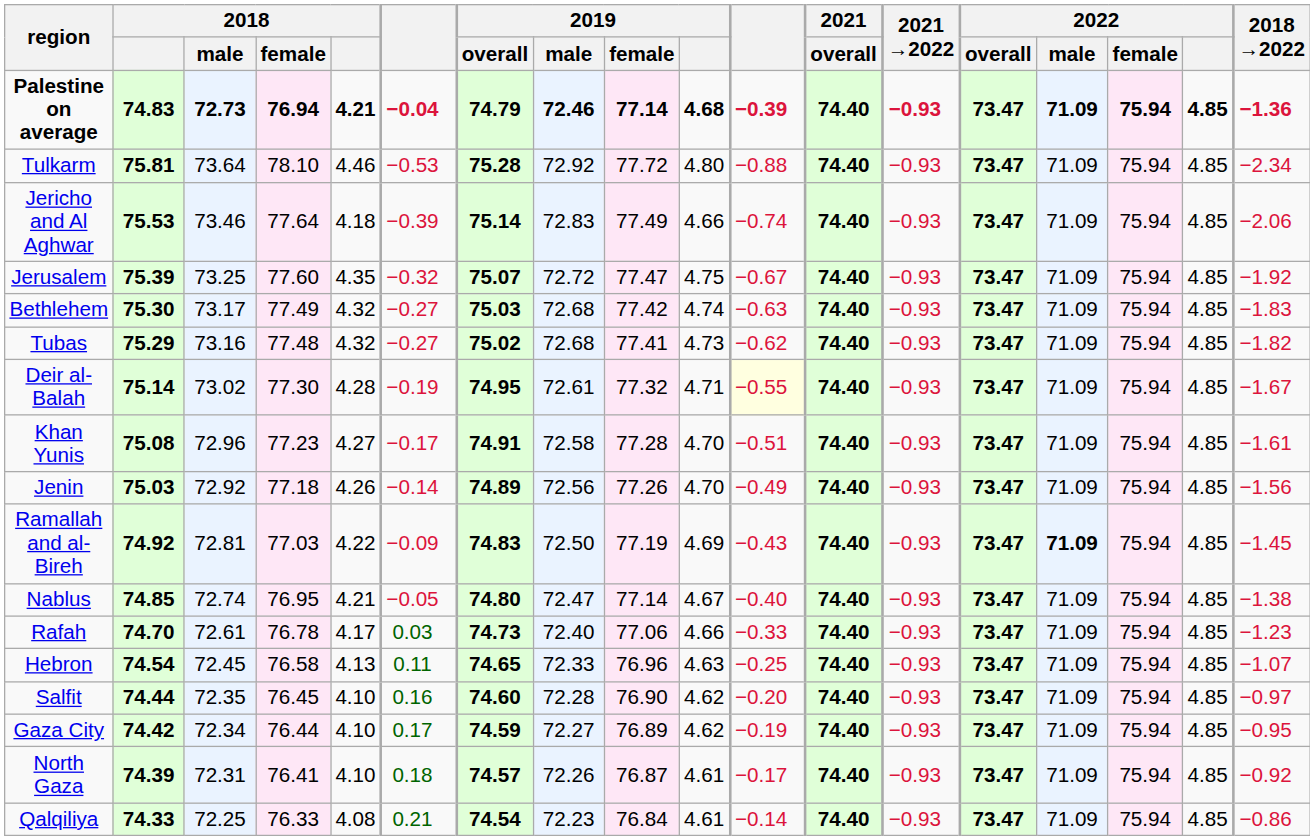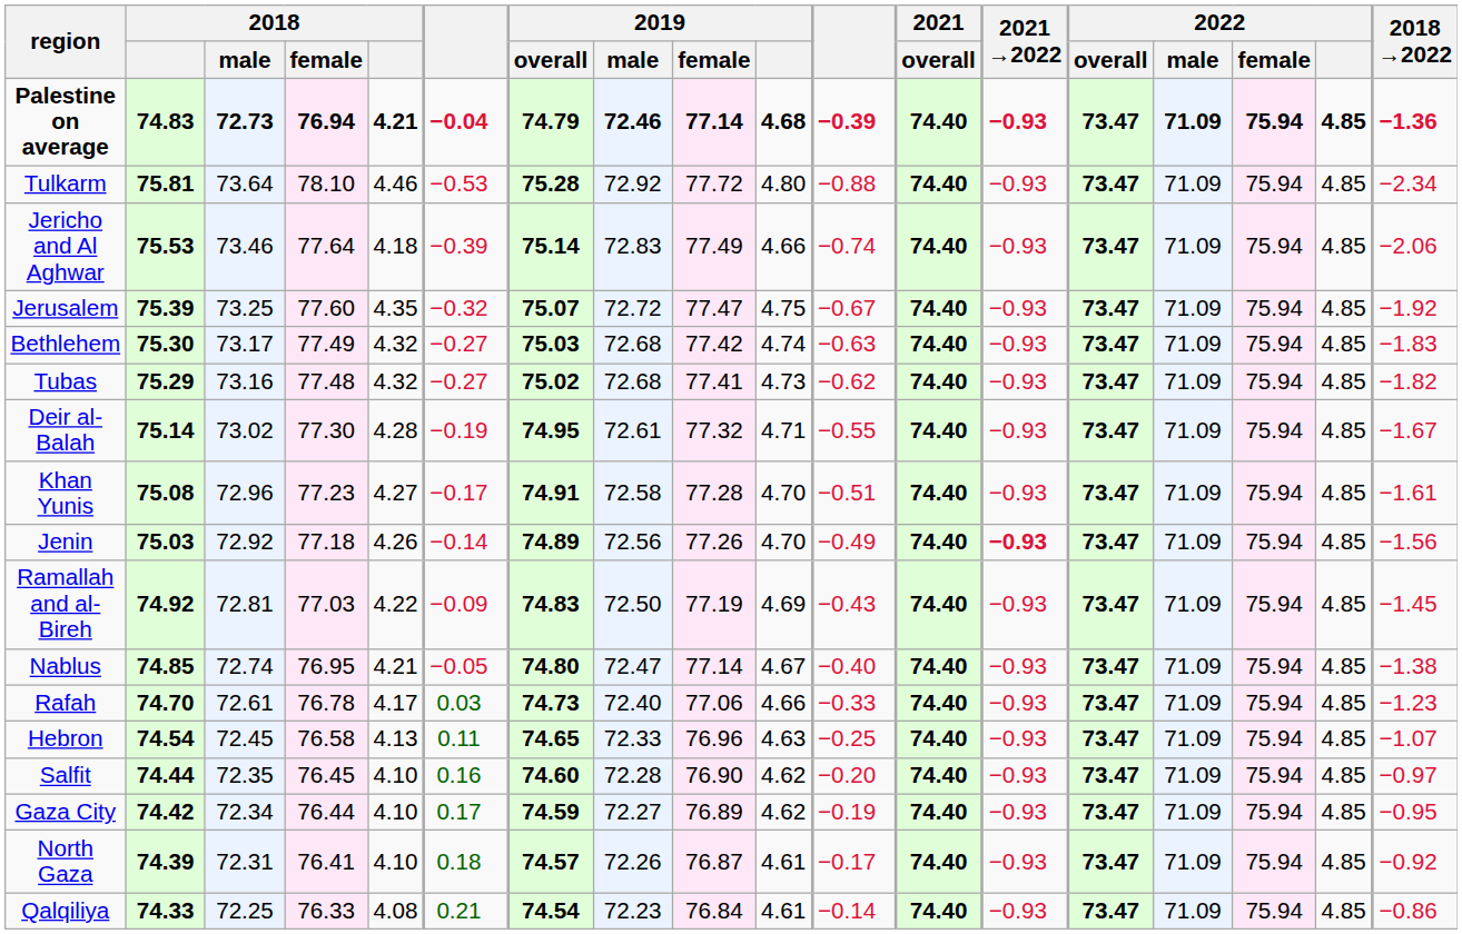 <table class="wikitable sortable mw-datatable static-row-numbers sort-under col1left col6right col11right col13right col18right" style="text-align:center;">
 <tr>
 <th rowspan=2 style="vertical-align:middle;">region</th>
 <th colspan=4>2018</th>
 <th rowspan=2 style="vertical-align:middle;border-left-width:2px;"></th>
 <th colspan=4 style="border-left-width:2px;">2019</th>
 <th rowspan=2 style="vertical-align:middle;border-left-width:2px;"></th>
 <th style="border-left-width:2px;">2021</th>
 <th rowspan=2 style="vertical-align:middle;border-left-width:2px;">2021<br>→2022</th>
 <th colspan=4 style="border-left-width:2px;">2022</th>
 <th rowspan=2 style="vertical-align:middle;border-left-width:2px;">2018<br>→2022</th>
 </tr>
 <tr>
 <th style="vertical-align:middle;min-width:3em;"></th>
 <th style="vertical-align:middle;min-width:3em;">male</th>
 <th style="vertical-align:middle;min-width:3em;">female</th>
 <th></th>
 <th style="vertical-align:middle;min-width:3em;border-left-width:2px;">overall</th>
 <th style="vertical-align:middle;min-width:3em;">male</th>
 <th style="vertical-align:middle;min-width:3em;">female</th>
 <th></th>
 <th style="vertical-align:middle;min-width:3em;border-left-width:2px;">overall</th>
 <th style="vertical-align:middle;min-width:3em;border-left-width:2px;">overall</th>
 <th style="vertical-align:middle;min-width:3em;">male</th>
 <th style="vertical-align:middle;min-width:3em;">female</th>
 <th></th>
 </tr>
 <tr class=static-row-header>
 <td><strong>Palestine on average</strong></td>
 <td style="background:#e0ffd8;"><strong>74.83</strong></td>
 <td style="background:#eaf3ff;"><strong>72.73</strong></td>
 <td style="background:#fee7f6;"><strong>76.94</strong></td>
 <td><strong>4.21</strong></td>
 <td style="padding-right:1.5ex;color:crimson;border-left-width:2px;"><strong>−0.04</strong></td>
 <td style="background:#e0ffd8;border-left-width:2px;"><strong>74.79</strong></td>
 <td style="background:#eaf3ff;"><strong>72.46</strong></td>
 <td style="background:#fee7f6;"><strong>77.14</strong></td>
 <td><strong>4.68</strong></td>
 <td style="padding-right:1.5ex;color:crimson;border-left-width:2px;"><strong>−0.39</strong></td>
 <td style="background:#e0ffd8;border-left-width:2px;"><strong>74.40</strong></td>
 <td style="padding-right:1.5ex;color:crimson;border-left-width:2px;"><strong>−0.93</strong></td>
 <td style="background:#e0ffd8;border-left-width:2px;"><strong>73.47</strong></td>
 <td style="background:#eaf3ff;"><strong>71.09</strong></td>
 <td style="background:#fee7f6;"><strong>75.94</strong></td>
 <td><strong>4.85</strong></td>
 <td style="padding-right:1.5ex;color:crimson;border-left-width:2px;"><strong>−1.36</strong></td>
 </tr>
 <tr>
 <td><a href='#'>Tulkarm</a></td>
 <td style="background:#e0ffd8;"><strong>75.81</strong></td>
 <td style="background:#eaf3ff;">73.64</td>
 <td style="background:#fee7f6;">78.10</td>
 <td>4.46</td>
 <td style="padding-right:1.5ex;color:crimson;border-left-width:2px;">−0.53</td>
 <td style="background:#e0ffd8;border-left-width:2px;"><strong>75.28</strong></td>
 <td style="background:#eaf3ff;">72.92</td>
 <td style="background:#fee7f6;">77.72</td>
 <td>4.80</td>
 <td style="padding-right:1.5ex;color:crimson;border-left-width:2px;">−0.88</td>
 <td style="background:#e0ffd8;border-left-width:2px;"><strong>74.40</strong></td>
 <td style="padding-right:1.5ex;color:crimson;border-left-width:2px;">−0.93</td>
 <td style="background:#e0ffd8;border-left-width:2px;"><strong>73.47</strong></td>
 <td style="background:#eaf3ff;">71.09</td>
 <td style="background:#fee7f6;">75.94</td>
 <td>4.85</td>
 <td style="padding-right:1.5ex;color:crimson;border-left-width:2px;">−2.34</td>
 </tr>
 <tr>
 <td><a href='#'>Jericho and Al Aghwar</a></td>
 <td style="background:#e0ffd8;"><strong>75.53</strong></td>
 <td style="background:#eaf3ff;">73.46</td>
 <td style="background:#fee7f6;">77.64</td>
 <td>4.18</td>
 <td style="padding-right:1.5ex;color:crimson;border-left-width:2px;">−0.39</td>
 <td style="background:#e0ffd8;border-left-width:2px;"><strong>75.14</strong></td>
 <td style="background:#eaf3ff;">72.83</td>
 <td style="background:#fee7f6;">77.49</td>
 <td>4.66</td>
 <td style="padding-right:1.5ex;color:crimson;border-left-width:2px;">−0.74</td>
 <td style="background:#e0ffd8;border-left-width:2px;"><strong>74.40</strong></td>
 <td style="padding-right:1.5ex;color:crimson;border-left-width:2px;">−0.93</td>
 <td style="background:#e0ffd8;border-left-width:2px;"><strong>73.47</strong></td>
 <td style="background:#eaf3ff;">71.09</td>
 <td style="background:#fee7f6;">75.94</td>
 <td>4.85</td>
 <td style="padding-right:1.5ex;color:crimson;border-left-width:2px;">−2.06</td>
 </tr>
 <tr>
 <td><a href='#'>Jerusalem</a></td>
 <td style="background:#e0ffd8;"><strong>75.39</strong></td>
 <td style="background:#eaf3ff;">73.25</td>
 <td style="background:#fee7f6;">77.60</td>
 <td>4.35</td>
 <td style="padding-right:1.5ex;color:crimson;border-left-width:2px;">−0.32</td>
 <td style="background:#e0ffd8;border-left-width:2px;"><strong>75.07</strong></td>
 <td style="background:#eaf3ff;">72.72</td>
 <td style="background:#fee7f6;">77.47</td>
 <td>4.75</td>
 <td style="padding-right:1.5ex;color:crimson;border-left-width:2px;">−0.67</td>
 <td style="background:#e0ffd8;border-left-width:2px;"><strong>74.40</strong></td>
 <td style="padding-right:1.5ex;color:crimson;border-left-width:2px;">−0.93</td>
 <td style="background:#e0ffd8;border-left-width:2px;"><strong>73.47</strong></td>
 <td style="background:#eaf3ff;">71.09</td>
 <td style="background:#fee7f6;">75.94</td>
 <td>4.85</td>
 <td style="padding-right:1.5ex;color:crimson;border-left-width:2px;">−1.92</td>
 </tr>
 <tr>
 <td><a href='#'>Bethlehem</a></td>
 <td style="background:#e0ffd8;"><strong>75.30</strong></td>
 <td style="background:#eaf3ff;">73.17</td>
 <td style="background:#fee7f6;">77.49</td>
 <td>4.32</td>
 <td style="padding-right:1.5ex;color:crimson;border-left-width:2px;">−0.27</td>
 <td style="background:#e0ffd8;border-left-width:2px;"><strong>75.03</strong></td>
 <td style="background:#eaf3ff;">72.68</td>
 <td style="background:#fee7f6;">77.42</td>
 <td>4.74</td>
 <td style="padding-right:1.5ex;color:crimson;border-left-width:2px;">−0.63</td>
 <td style="background:#e0ffd8;border-left-width:2px;"><strong>74.40</strong></td>
 <td style="padding-right:1.5ex;color:crimson;border-left-width:2px;">−0.93</td>
 <td style="background:#e0ffd8;border-left-width:2px;"><strong>73.47</strong></td>
 <td style="background:#eaf3ff;">71.09</td>
 <td style="background:#fee7f6;">75.94</td>
 <td>4.85</td>
 <td style="padding-right:1.5ex;color:crimson;border-left-width:2px;">−1.83</td>
 </tr>
 <tr>
 <td><a href='#'>Tubas</a></td>
 <td style="background:#e0ffd8;"><strong>75.29</strong></td>
 <td style="background:#eaf3ff;">73.16</td>
 <td style="background:#fee7f6;">77.48</td>
 <td>4.32</td>
 <td style="padding-right:1.5ex;color:crimson;border-left-width:2px;">−0.27</td>
 <td style="background:#e0ffd8;border-left-width:2px;"><strong>75.02</strong></td>
 <td style="background:#eaf3ff;">72.68</td>
 <td style="background:#fee7f6;">77.41</td>
 <td>4.73</td>
 <td style="padding-right:1.5ex;color:crimson;border-left-width:2px;">−0.62</td>
 <td style="background:#e0ffd8;border-left-width:2px;"><strong>74.40</strong></td>
 <td style="padding-right:1.5ex;color:crimson;border-left-width:2px;">−0.93</td>
 <td style="background:#e0ffd8;border-left-width:2px;"><strong>73.47</strong></td>
 <td style="background:#eaf3ff;">71.09</td>
 <td style="background:#fee7f6;">75.94</td>
 <td>4.85</td>
 <td style="padding-right:1.5ex;color:crimson;border-left-width:2px;">−1.82</td>
 </tr>
 <tr>
 <td><a href='#'>Deir al-Balah</a></td>
 <td style="background:#e0ffd8;"><strong>75.14</strong></td>
 <td style="background:#eaf3ff;">73.02</td>
 <td style="background:#fee7f6;">77.30</td>
 <td>4.28</td>
 <td style="padding-right:1.5ex;color:crimson;border-left-width:2px;">−0.19</td>
 <td style="background:#e0ffd8;border-left-width:2px;"><strong>74.95</strong></td>
 <td style="background:#eaf3ff;">72.61</td>
 <td style="background:#fee7f6;">77.32</td>
 <td>4.71</td>
-<td style="background: lightyellow; padding-right:1.5ex;color:crimson;border-left-width:2px;">−0.55</td>
+<td style="padding-right:1.5ex;color:crimson;border-left-width:2px;">−0.55</td>
 <td style="background:#e0ffd8;border-left-width:2px;"><strong>74.40</strong></td>
 <td style="padding-right:1.5ex;color:crimson;border-left-width:2px;">−0.93</td>
 <td style="background:#e0ffd8;border-left-width:2px;"><strong>73.47</strong></td>
 <td style="background:#eaf3ff;">71.09</td>
 <td style="background:#fee7f6;">75.94</td>
 <td>4.85</td>
 <td style="padding-right:1.5ex;color:crimson;border-left-width:2px;">−1.67</td>
 </tr>
 <tr>
 <td><a href='#'>Khan Yunis</a></td>
 <td style="background:#e0ffd8;"><strong>75.08</strong></td>
 <td style="background:#eaf3ff;">72.96</td>
 <td style="background:#fee7f6;">77.23</td>
 <td>4.27</td>
 <td style="padding-right:1.5ex;color:crimson;border-left-width:2px;">−0.17</td>
 <td style="background:#e0ffd8;border-left-width:2px;"><strong>74.91</strong></td>
 <td style="background:#eaf3ff;">72.58</td>
 <td style="background:#fee7f6;">77.28</td>
 <td>4.70</td>
 <td style="padding-right:1.5ex;color:crimson;border-left-width:2px;">−0.51</td>
 <td style="background:#e0ffd8;border-left-width:2px;"><strong>74.40</strong></td>
 <td style="padding-right:1.5ex;color:crimson;border-left-width:2px;">−0.93</td>
 <td style="background:#e0ffd8;border-left-width:2px;"><strong>73.47</strong></td>
 <td style="background:#eaf3ff;">71.09</td>
 <td style="background:#fee7f6;">75.94</td>
 <td>4.85</td>
 <td style="padding-right:1.5ex;color:crimson;border-left-width:2px;">−1.61</td>
 </tr>
 <tr>
 <td><a href='#'>Jenin</a></td>
 <td style="background:#e0ffd8;"><strong>75.03</strong></td>
 <td style="background:#eaf3ff;">72.92</td>
 <td style="background:#fee7f6;">77.18</td>
 <td>4.26</td>
 <td style="padding-right:1.5ex;color:crimson;border-left-width:2px;">−0.14</td>
 <td style="background:#e0ffd8;border-left-width:2px;"><strong>74.89</strong></td>
 <td style="background:#eaf3ff;">72.56</td>
 <td style="background:#fee7f6;">77.26</td>
 <td>4.70</td>
 <td style="padding-right:1.5ex;color:crimson;border-left-width:2px;">−0.49</td>
 <td style="background:#e0ffd8;border-left-width:2px;"><strong>74.40</strong></td>
-<td style="padding-right:1.5ex;color:crimson;border-left-width:2px;">−0.93</td>
+<td style="padding-right:1.5ex;color:crimson;border-left-width:2px;"><strong>−0.93</strong></td>
 <td style="background:#e0ffd8;border-left-width:2px;"><strong>73.47</strong></td>
 <td style="background:#eaf3ff;">71.09</td>
 <td style="background:#fee7f6;">75.94</td>
 <td>4.85</td>
 <td style="padding-right:1.5ex;color:crimson;border-left-width:2px;">−1.56</td>
 </tr>
 <tr>
 <td><a href='#'>Ramallah and al-Bireh</a></td>
 <td style="background:#e0ffd8;"><strong>74.92</strong></td>
 <td style="background:#eaf3ff;">72.81</td>
 <td style="background:#fee7f6;">77.03</td>
 <td>4.22</td>
 <td style="padding-right:1.5ex;color:crimson;border-left-width:2px;">−0.09</td>
 <td style="background:#e0ffd8;border-left-width:2px;"><strong>74.83</strong></td>
 <td style="background:#eaf3ff;">72.50</td>
 <td style="background:#fee7f6;">77.19</td>
 <td>4.69</td>
 <td style="padding-right:1.5ex;color:crimson;border-left-width:2px;">−0.43</td>
 <td style="background:#e0ffd8;border-left-width:2px;"><strong>74.40</strong></td>
 <td style="padding-right:1.5ex;color:crimson;border-left-width:2px;">−0.93</td>
 <td style="background:#e0ffd8;border-left-width:2px;"><strong>73.47</strong></td>
-<td style="background:#eaf3ff;"><strong>71.09</strong></td>
+<td style="background:#eaf3ff;">71.09</td>
 <td style="background:#fee7f6;">75.94</td>
 <td>4.85</td>
 <td style="padding-right:1.5ex;color:crimson;border-left-width:2px;">−1.45</td>
 </tr>
 <tr>
 <td><a href='#'>Nablus</a></td>
 <td style="background:#e0ffd8;"><strong>74.85</strong></td>
 <td style="background:#eaf3ff;">72.74</td>
 <td style="background:#fee7f6;">76.95</td>
 <td>4.21</td>
 <td style="padding-right:1.5ex;color:crimson;border-left-width:2px;">−0.05</td>
 <td style="background:#e0ffd8;border-left-width:2px;"><strong>74.80</strong></td>
 <td style="background:#eaf3ff;">72.47</td>
 <td style="background:#fee7f6;">77.14</td>
 <td>4.67</td>
 <td style="padding-right:1.5ex;color:crimson;border-left-width:2px;">−0.40</td>
 <td style="background:#e0ffd8;border-left-width:2px;"><strong>74.40</strong></td>
 <td style="padding-right:1.5ex;color:crimson;border-left-width:2px;">−0.93</td>
 <td style="background:#e0ffd8;border-left-width:2px;"><strong>73.47</strong></td>
 <td style="background:#eaf3ff;">71.09</td>
 <td style="background:#fee7f6;">75.94</td>
 <td>4.85</td>
 <td style="padding-right:1.5ex;color:crimson;border-left-width:2px;">−1.38</td>
 </tr>
 <tr>
 <td><a href='#'>Rafah</a></td>
 <td style="background:#e0ffd8;"><strong>74.70</strong></td>
 <td style="background:#eaf3ff;">72.61</td>
 <td style="background:#fee7f6;">76.78</td>
 <td>4.17</td>
 <td style="padding-right:1.5ex;color:darkgreen;border-left-width:2px;">0.03</td>
 <td style="background:#e0ffd8;border-left-width:2px;"><strong>74.73</strong></td>
 <td style="background:#eaf3ff;">72.40</td>
 <td style="background:#fee7f6;">77.06</td>
 <td>4.66</td>
 <td style="padding-right:1.5ex;color:crimson;border-left-width:2px;">−0.33</td>
 <td style="background:#e0ffd8;border-left-width:2px;"><strong>74.40</strong></td>
 <td style="padding-right:1.5ex;color:crimson;border-left-width:2px;">−0.93</td>
 <td style="background:#e0ffd8;border-left-width:2px;"><strong>73.47</strong></td>
 <td style="background:#eaf3ff;">71.09</td>
 <td style="background:#fee7f6;">75.94</td>
 <td>4.85</td>
 <td style="padding-right:1.5ex;color:crimson;border-left-width:2px;">−1.23</td>
 </tr>
 <tr>
 <td><a href='#'>Hebron</a></td>
 <td style="background:#e0ffd8;"><strong>74.54</strong></td>
 <td style="background:#eaf3ff;">72.45</td>
 <td style="background:#fee7f6;">76.58</td>
 <td>4.13</td>
 <td style="padding-right:1.5ex;color:darkgreen;border-left-width:2px;">0.11</td>
 <td style="background:#e0ffd8;border-left-width:2px;"><strong>74.65</strong></td>
 <td style="background:#eaf3ff;">72.33</td>
 <td style="background:#fee7f6;">76.96</td>
 <td>4.63</td>
 <td style="padding-right:1.5ex;color:crimson;border-left-width:2px;">−0.25</td>
 <td style="background:#e0ffd8;border-left-width:2px;"><strong>74.40</strong></td>
 <td style="padding-right:1.5ex;color:crimson;border-left-width:2px;">−0.93</td>
 <td style="background:#e0ffd8;border-left-width:2px;"><strong>73.47</strong></td>
 <td style="background:#eaf3ff;">71.09</td>
 <td style="background:#fee7f6;">75.94</td>
 <td>4.85</td>
 <td style="padding-right:1.5ex;color:crimson;border-left-width:2px;">−1.07</td>
 </tr>
 <tr>
 <td><a href='#'>Salfit</a></td>
 <td style="background:#e0ffd8;"><strong>74.44</strong></td>
 <td style="background:#eaf3ff;">72.35</td>
 <td style="background:#fee7f6;">76.45</td>
 <td>4.10</td>
 <td style="padding-right:1.5ex;color:darkgreen;border-left-width:2px;">0.16</td>
 <td style="background:#e0ffd8;border-left-width:2px;"><strong>74.60</strong></td>
 <td style="background:#eaf3ff;">72.28</td>
 <td style="background:#fee7f6;">76.90</td>
 <td>4.62</td>
 <td style="padding-right:1.5ex;color:crimson;border-left-width:2px;">−0.20</td>
 <td style="background:#e0ffd8;border-left-width:2px;"><strong>74.40</strong></td>
 <td style="padding-right:1.5ex;color:crimson;border-left-width:2px;">−0.93</td>
 <td style="background:#e0ffd8;border-left-width:2px;"><strong>73.47</strong></td>
 <td style="background:#eaf3ff;">71.09</td>
 <td style="background:#fee7f6;">75.94</td>
 <td>4.85</td>
 <td style="padding-right:1.5ex;color:crimson;border-left-width:2px;">−0.97</td>
 </tr>
 <tr>
 <td><a href='#'>Gaza City</a></td>
 <td style="background:#e0ffd8;"><strong>74.42</strong></td>
 <td style="background:#eaf3ff;">72.34</td>
 <td style="background:#fee7f6;">76.44</td>
 <td>4.10</td>
 <td style="padding-right:1.5ex;color:darkgreen;border-left-width:2px;">0.17</td>
 <td style="background:#e0ffd8;border-left-width:2px;"><strong>74.59</strong></td>
 <td style="background:#eaf3ff;">72.27</td>
 <td style="background:#fee7f6;">76.89</td>
 <td>4.62</td>
 <td style="padding-right:1.5ex;color:crimson;border-left-width:2px;">−0.19</td>
 <td style="background:#e0ffd8;border-left-width:2px;"><strong>74.40</strong></td>
 <td style="padding-right:1.5ex;color:crimson;border-left-width:2px;">−0.93</td>
 <td style="background:#e0ffd8;border-left-width:2px;"><strong>73.47</strong></td>
 <td style="background:#eaf3ff;">71.09</td>
 <td style="background:#fee7f6;">75.94</td>
 <td>4.85</td>
 <td style="padding-right:1.5ex;color:crimson;border-left-width:2px;">−0.95</td>
 </tr>
 <tr>
 <td><a href='#'>North Gaza</a></td>
 <td style="background:#e0ffd8;"><strong>74.39</strong></td>
 <td style="background:#eaf3ff;">72.31</td>
 <td style="background:#fee7f6;">76.41</td>
 <td>4.10</td>
 <td style="padding-right:1.5ex;color:darkgreen;border-left-width:2px;">0.18</td>
 <td style="background:#e0ffd8;border-left-width:2px;"><strong>74.57</strong></td>
 <td style="background:#eaf3ff;">72.26</td>
 <td style="background:#fee7f6;">76.87</td>
 <td>4.61</td>
 <td style="padding-right:1.5ex;color:crimson;border-left-width:2px;">−0.17</td>
 <td style="background:#e0ffd8;border-left-width:2px;"><strong>74.40</strong></td>
 <td style="padding-right:1.5ex;color:crimson;border-left-width:2px;">−0.93</td>
 <td style="background:#e0ffd8;border-left-width:2px;"><strong>73.47</strong></td>
 <td style="background:#eaf3ff;">71.09</td>
 <td style="background:#fee7f6;">75.94</td>
 <td>4.85</td>
 <td style="padding-right:1.5ex;color:crimson;border-left-width:2px;">−0.92</td>
 </tr>
 <tr>
 <td><a href='#'>Qalqiliya</a></td>
 <td style="background:#e0ffd8;"><strong>74.33</strong></td>
 <td style="background:#eaf3ff;">72.25</td>
 <td style="background:#fee7f6;">76.33</td>
 <td>4.08</td>
 <td style="padding-right:1.5ex;color:darkgreen;border-left-width:2px;">0.21</td>
 <td style="background:#e0ffd8;border-left-width:2px;"><strong>74.54</strong></td>
 <td style="background:#eaf3ff;">72.23</td>
 <td style="background:#fee7f6;">76.84</td>
 <td>4.61</td>
 <td style="padding-right:1.5ex;color:crimson;border-left-width:2px;">−0.14</td>
 <td style="background:#e0ffd8;border-left-width:2px;"><strong>74.40</strong></td>
 <td style="padding-right:1.5ex;color:crimson;border-left-width:2px;">−0.93</td>
 <td style="background:#e0ffd8;border-left-width:2px;"><strong>73.47</strong></td>
 <td style="background:#eaf3ff;">71.09</td>
 <td style="background:#fee7f6;">75.94</td>
 <td>4.85</td>
 <td style="padding-right:1.5ex;color:crimson;border-left-width:2px;">−0.86</td>
 </tr>
 </table>
